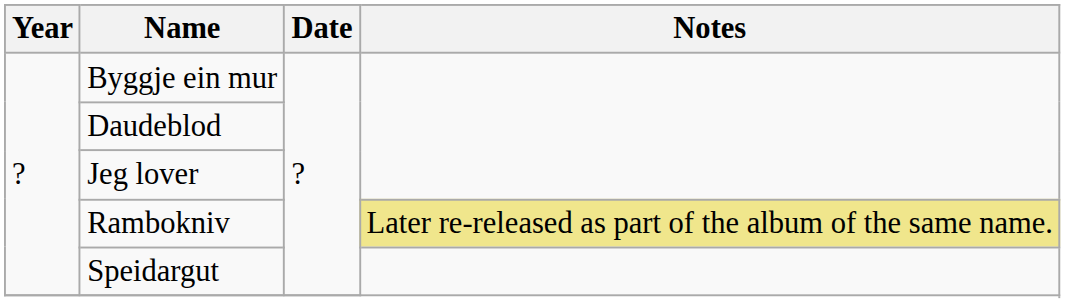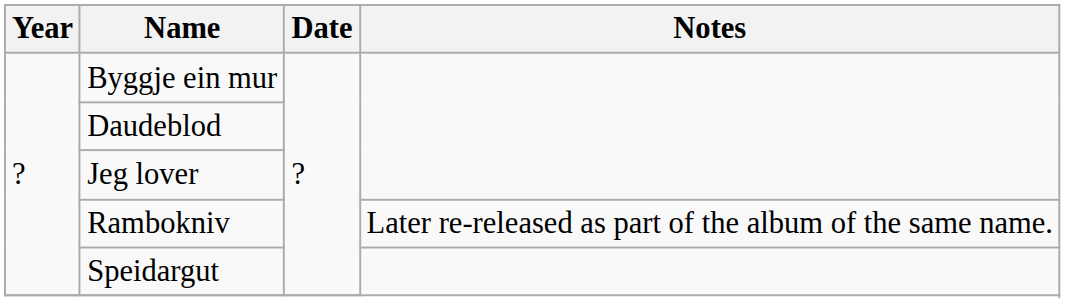 <table class="wikitable">
 <tr>
 <th>Year</th>
 <th>Name</th>
 <th>Date</th>
 <th>Notes</th>
 </tr>
 <tr>
 <td rowspan="5">?</td>
 <td>Byggje ein mur</td>
 <td rowspan="5">?</td>
 </tr>
 <tr>
 <td>Daudeblod</td>
 </tr>
 <tr>
 <td>Jeg lover</td>
 </tr>
 <tr>
 <td>Rambokniv</td>
-<td style="background: khaki;">Later re-released as part of the album of the same name.</td>
+<td>Later re-released as part of the album of the same name.</td>
 </tr>
 <tr>
 <td>Speidargut</td>
 </tr>
 <tr>
 </tr>
 </table>
